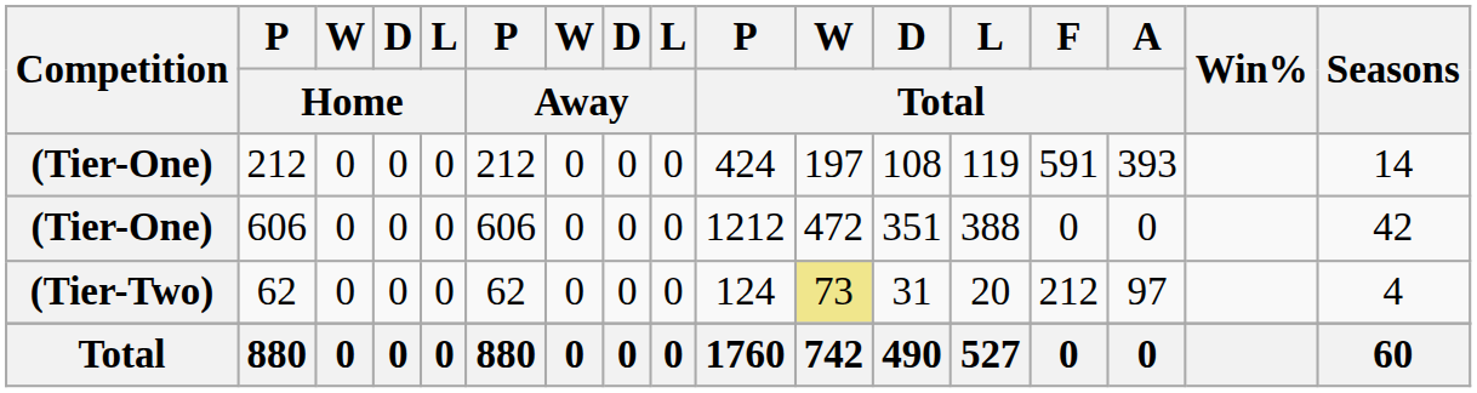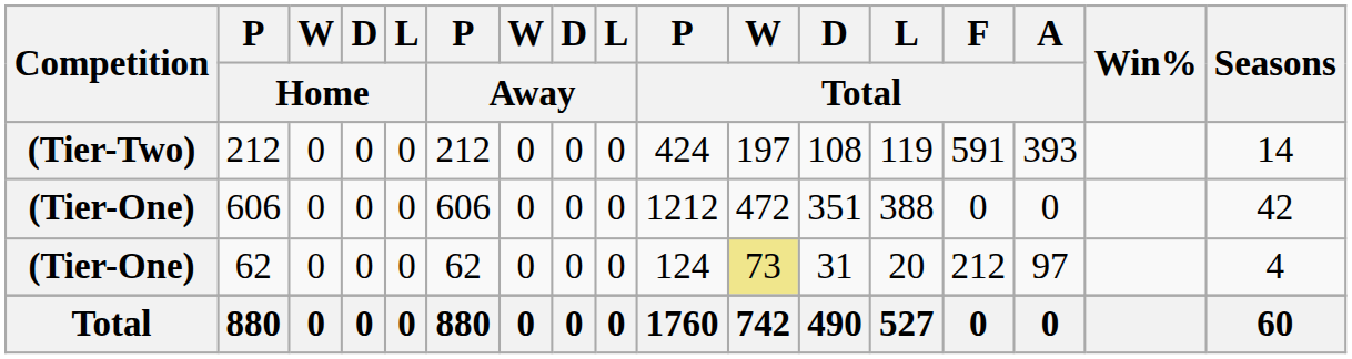 <table class="wikitable plainrowheaders sortable" style="text-align:center">
 <tr>
 <th scope="col" rowspan="2">Competition</th>
 <th scope="col">P</th>
 <th scope="col">W</th>
 <th scope="col">D</th>
 <th scope="col">L</th>
 <th scope="col">P</th>
 <th scope="col">W</th>
 <th scope="col">D</th>
 <th scope="col">L</th>
 <th scope="col">P</th>
 <th scope="col">W</th>
 <th scope="col">D</th>
 <th scope="col">L</th>
 <th scope="col">F</th>
 <th scope="col">A</th>
 <th scope="col" rowspan="2">Win%</th>
 <th scope="col" rowspan="2">Seasons</th>
 </tr>
 <tr class="unsortable">
 <th colspan="4">Home</th>
 <th colspan="4">Away</th>
 <th colspan="6">Total</th>
 </tr>
 <tr>
-<th scope="row" align=left> (Tier-One)</th>
+<th scope="row" align=left> (Tier-Two)</th>
 <td>212</td>
 <td>0</td>
 <td>0</td>
 <td>0</td>
 <td>212</td>
 <td>0</td>
 <td>0</td>
 <td>0</td>
 <td>424</td>
 <td>197</td>
 <td>108</td>
 <td>119</td>
 <td>591</td>
 <td>393</td>
 <td></td>
 <td>14</td>
 </tr>
 <tr>
 <th scope="row" align=left> (Tier-One)</th>
 <td>606</td>
 <td>0</td>
 <td>0</td>
 <td>0</td>
 <td>606</td>
 <td>0</td>
 <td>0</td>
 <td>0</td>
 <td>1212</td>
 <td>472</td>
 <td>351</td>
 <td>388</td>
 <td>0</td>
 <td>0</td>
 <td></td>
 <td>42</td>
 </tr>
 <tr>
-<th scope="row" align=left> (Tier-Two)</th>
+<th scope="row" align=left> (Tier-One)</th>
 <td>62</td>
 <td>0</td>
 <td>0</td>
 <td>0</td>
 <td>62</td>
 <td>0</td>
 <td>0</td>
 <td>0</td>
 <td>124</td>
 <td style="background: khaki;">73</td>
 <td>31</td>
 <td>20</td>
 <td>212</td>
 <td>97</td>
 <td></td>
 <td>4</td>
 </tr>
 <tr>
 </tr>
 <tr class="sortbottom">
 <th>Total</th>
 <th>880</th>
 <th>0</th>
 <th>0</th>
 <th>0</th>
 <th>880</th>
 <th>0</th>
 <th>0</th>
 <th>0</th>
 <th>1760</th>
 <th>742</th>
 <th>490</th>
 <th>527</th>
 <th>0</th>
 <th>0</th>
 <th></th>
 <th>60</th>
 </tr>
 </table>
